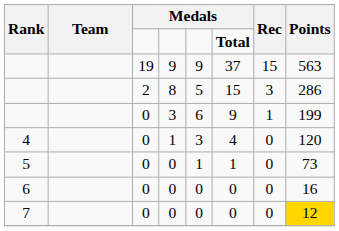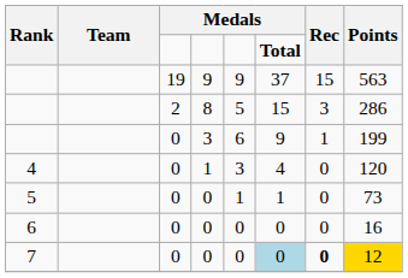 <table class="wikitable">
 <tr>
 <th rowspan=2>Rank</th>
 <th style="width:80px;" rowspan="2">Team</th>
 <th colspan=4>Medals</th>
 <th rowspan=2>Rec</th>
 <th rowspan=2>Points</th>
 </tr>
 <tr>
 <td style="width:20px; text-align:center;"></td>
 <td style="width:20px; text-align:center;"></td>
 <td style="width:20px; text-align:center;"></td>
 <td><strong>Total</strong></td>
 </tr>
 <tr>
 <td align=center></td>
 <td></td>
 <td align=center>19</td>
 <td align=center>9</td>
 <td align=center>9</td>
 <td align=center>37</td>
 <td align=center>15</td>
 <td align=center>563</td>
 </tr>
 <tr>
 <td align=center></td>
 <td></td>
 <td align=center>2</td>
 <td align=center>8</td>
 <td align=center>5</td>
 <td align=center>15</td>
 <td align=center>3</td>
 <td align=center>286</td>
 </tr>
 <tr>
 <td align=center></td>
 <td></td>
 <td align=center>0</td>
 <td align=center>3</td>
 <td align=center>6</td>
 <td align=center>9</td>
 <td align=center>1</td>
 <td align=center>199</td>
 </tr>
 <tr>
 <td align=center>4</td>
 <td></td>
 <td align=center>0</td>
 <td align=center>1</td>
 <td align=center>3</td>
 <td align=center>4</td>
 <td align=center>0</td>
 <td align=center>120</td>
 </tr>
 <tr>
 <td align=center>5</td>
 <td><strong></strong></td>
 <td align=center>0</td>
 <td align=center>0</td>
 <td align=center>1</td>
 <td align=center>1</td>
 <td align=center>0</td>
 <td align=center>73</td>
 </tr>
 <tr>
 <td align=center>6</td>
 <td></td>
 <td align=center>0</td>
 <td align=center>0</td>
 <td align=center>0</td>
 <td align=center>0</td>
 <td align=center>0</td>
 <td align=center>16</td>
 </tr>
 <tr>
 <td align=center>7</td>
 <td></td>
 <td align=center>0</td>
 <td align=center>0</td>
 <td align=center>0</td>
-<td align=center>0</td>
-<td align=center>0</td>
+<td align=center style="background: lightblue;">0</td>
+<td align=center><strong>0</strong></td>
 <td align=center style="background: gold;">12</td>
 </tr>
 <tr>
 </tr>
 </table>
